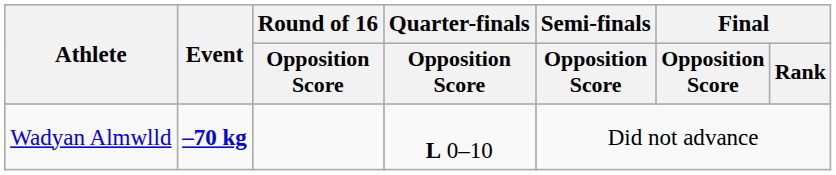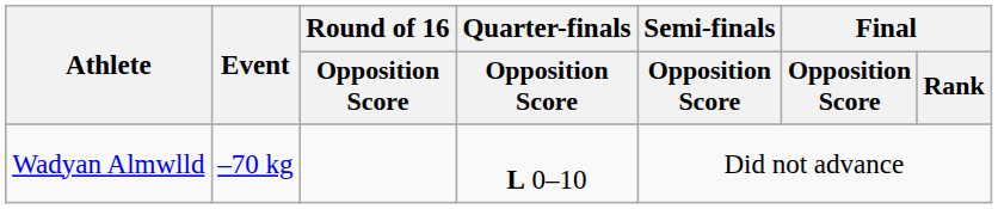 <table class=wikitable style=font-size:90%;text-align:center>
 <tr>
 <th rowspan=2>Athlete</th>
 <th rowspan=2>Event</th>
 <th>Round of 16</th>
 <th>Quarter-finals</th>
 <th>Semi-finals</th>
 <th colspan=2>Final</th>
 </tr>
 <tr style=font-size:95%>
 <th>Opposition<br>Score</th>
 <th>Opposition<br>Score</th>
 <th>Opposition<br>Score</th>
 <th>Opposition<br>Score</th>
 <th>Rank</th>
 </tr>
 <tr>
 <td align="left"><a href='#'>Wadyan Almwlld</a></td>
-<td align="left"><strong><a href='#'>–70 kg</a></strong></td>
+<td align="left"><a href='#'>–70 kg</a></td>
 <td></td>
 <td><br><strong>L</strong> 0–10</td>
 <td colspan=3>Did not advance</td>
 </tr>
 </table>
